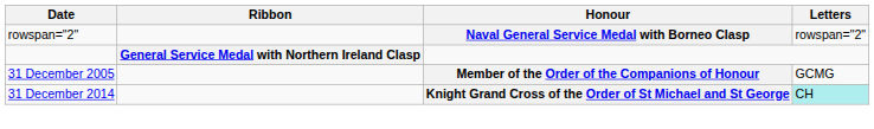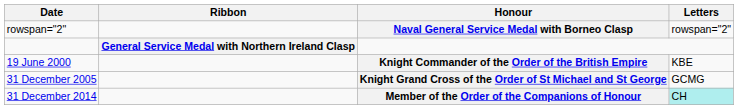 <table class="wikitable plainrowheaders">
 <tr>
 <th>Date</th>
 <th>Ribbon</th>
 <th>Honour</th>
 <th>Letters</th>
 </tr>
 <tr>
 <td>rowspan="2" </td>
 <td></td>
 <th scope="row"><a href='#'>Naval General Service Medal</a> with Borneo Clasp</th>
 <td>rowspan="2" </td>
 </tr>
 <tr>
 <td></td>
 <th scope="row"><a href='#'>General Service Medal</a> with Northern Ireland Clasp</th>
 </tr>
 <tr>
+<td><a href='#'>19 June 2000</a></td>
+<td></td>
+<th scope="row">Knight Commander of the <a href='#'>Order of the British Empire</a></th>
+<td>KBE</td>
+</tr>
+<tr>
 <td><a href='#'>31 December 2005</a></td>
 <td></td>
-<th scope="row">Member of the <a href='#'>Order of the Companions of Honour</a></th>
+<th scope="row">Knight Grand Cross of the <a href='#'>Order of St Michael and St George</a></th>
 <td>GCMG</td>
 </tr>
 <tr>
 <td><a href='#'>31 December 2014</a></td>
 <td></td>
-<th scope="row">Knight Grand Cross of the <a href='#'>Order of St Michael and St George</a></th>
+<th scope="row">Member of the <a href='#'>Order of the Companions of Honour</a></th>
 <td style="background: paleturquoise;">CH</td>
 </tr>
 </table>
